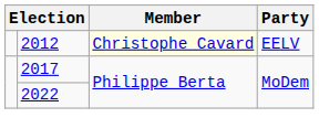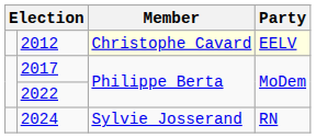 <table class="wikitable">
 <tr>
 <th colspan="2">Election</th>
 <th>Member</th>
 <th>Party</th>
 </tr>
 <tr>
 <td style="color:inherit;background-color:"></td>
 <td><a href='#'>2012</a></td>
 <td style="background: lightyellow;"><a href='#'>Christophe Cavard</a></td>
-<td><a href='#'>EELV</a></td>
+<td style="background: lightyellow;"><a href='#'>EELV</a></td>
 </tr>
 <tr>
 <td rowspan="2" style="color:inherit;background-color: "></td>
 <td><a href='#'>2017</a></td>
 <td rowspan="2"><a href='#'>Philippe Berta</a></td>
 <td rowspan="2"><a href='#'>MoDem</a></td>
 </tr>
 <tr>
 <td><a href='#'>2022</a></td>
 </tr>
+<tr>
+<td style="color:inherit;background-color: "></td>
+<td><a href='#'>2024</a></td>
+<td><a href='#'>Sylvie Josserand</a></td>
+<td><a href='#'>RN</a></td>
+</tr>
 </table>
